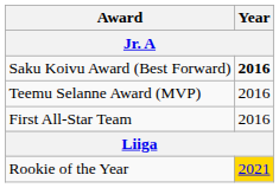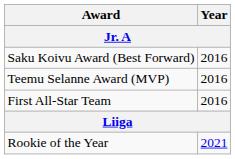 <table class="wikitable">
 <tr>
 <th>Award</th>
 <th>Year</th>
 </tr>
 <tr ALIGN="center" bgcolor="#e0e0e0">
 <th colspan="3"><a href='#'>Jr. A</a></th>
 </tr>
 <tr>
 <td>Saku Koivu Award (Best Forward)</td>
-<td><strong>2016</strong></td>
+<td>2016</td>
 </tr>
 <tr>
 <td>Teemu Selanne Award (MVP)</td>
 <td>2016</td>
 </tr>
 <tr>
 <td>First All-Star Team</td>
 <td>2016</td>
 </tr>
 <tr ALIGN="center" bgcolor="#e0e0e0">
 <th colspan="3"><a href='#'>Liiga</a></th>
 </tr>
 <tr>
 <td>Rookie of the Year</td>
-<td style="background: gold;"><a href='#'>2021</a></td>
+<td><a href='#'>2021</a></td>
 </tr>
 </table>
